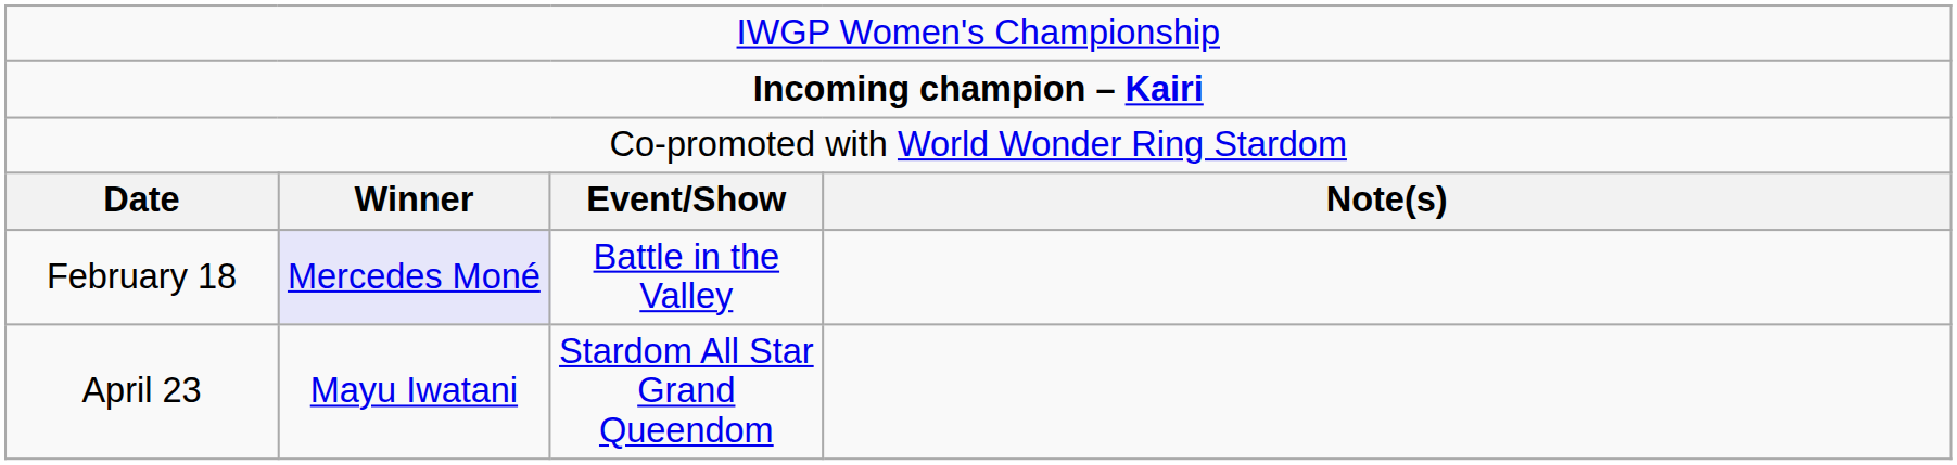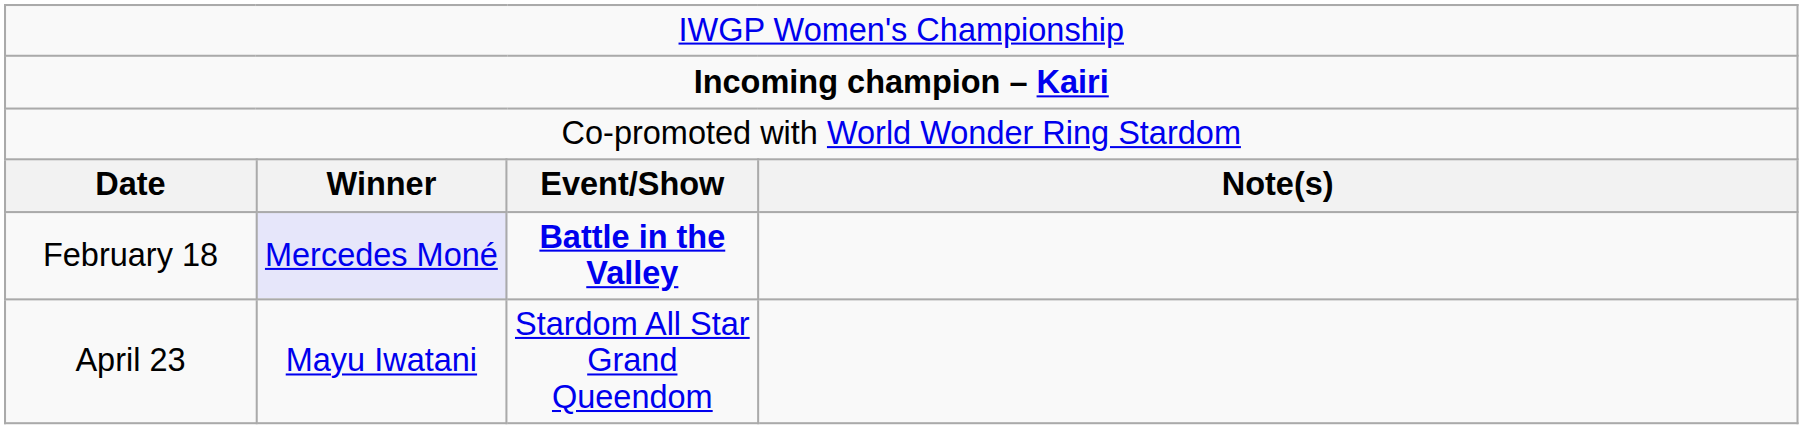 <table class="wikitable" style="text-align:center; width:100%;">
 <tr>
 <td colspan="5" style="text-align: center;"><a href='#'>IWGP Women's Championship</a></td>
 </tr>
 <tr>
 <td colspan="5" style="text-align: center;"><strong>Incoming champion – <a href='#'>Kairi</a></strong></td>
 </tr>
 <tr>
 <td colspan=4>Co-promoted with <a href='#'>World Wonder Ring Stardom</a></td>
 </tr>
 <tr>
 <th width=14%>Date</th>
 <th width=14%>Winner</th>
 <th width=14%>Event/Show</th>
 <th width=58%>Note(s)</th>
 </tr>
 <tr>
 <td>February 18</td>
 <td style="background: lavender;"><a href='#'>Mercedes Moné</a></td>
-<td><a href='#'>Battle in the Valley</a></td>
+<td><strong><a href='#'>Battle in the Valley</a></strong></td>
 <td></td>
 </tr>
 <tr>
 <td>April 23</td>
 <td><a href='#'>Mayu Iwatani</a></td>
 <td><a href='#'>Stardom All Star Grand Queendom</a></td>
 <td></td>
 </tr>
 </table>
